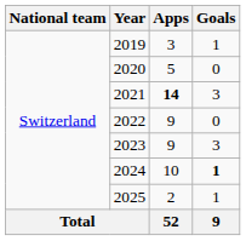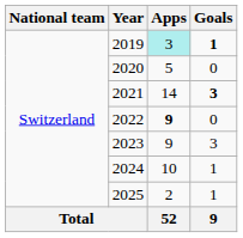 <table class="wikitable" style="text-align:center">
 <tr>
 <th>National team</th>
 <th>Year</th>
 <th>Apps</th>
 <th>Goals</th>
 </tr>
 <tr>
 <td rowspan="7"><a href='#'>Switzerland</a></td>
 <td>2019</td>
-<td>3</td>
-<td>1</td>
+<td style="background: paleturquoise;">3</td>
+<td><strong>1</strong></td>
 </tr>
 <tr>
 <td>2020</td>
 <td>5</td>
 <td>0</td>
 </tr>
 <tr>
 <td>2021</td>
-<td><strong>14</strong></td>
-<td>3</td>
+<td>14</td>
+<td><strong>3</strong></td>
 </tr>
 <tr>
 <td>2022</td>
-<td>9</td>
+<td><strong>9</strong></td>
 <td>0</td>
 </tr>
 <tr>
 <td>2023</td>
 <td>9</td>
 <td>3</td>
 </tr>
 <tr>
 <td>2024</td>
 <td>10</td>
-<td><strong>1</strong></td>
+<td>1</td>
 </tr>
 <tr>
 <td>2025</td>
 <td>2</td>
 <td>1</td>
 </tr>
 <tr>
 <th colspan="2">Total</th>
 <th>52</th>
 <th>9</th>
 </tr>
 </table>
